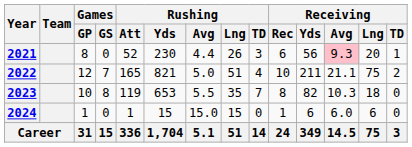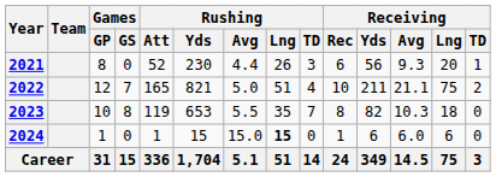 <table class="wikitable" style="text-align:center;">
 <tr>
 <th rowspan="2">Year</th>
 <th rowspan="2">Team</th>
 <th colspan="2">Games</th>
 <th colspan="5">Rushing</th>
 <th colspan="5">Receiving</th>
 </tr>
 <tr>
 <th>GP</th>
 <th>GS</th>
 <th>Att</th>
 <th>Yds</th>
 <th>Avg</th>
 <th>Lng</th>
 <th>TD</th>
 <th>Rec</th>
 <th>Yds</th>
 <th>Avg</th>
 <th>Lng</th>
 <th>TD</th>
 </tr>
 <tr>
 <th><a href='#'>2021</a></th>
 <th><a href='#'></a></th>
 <td>8</td>
 <td>0</td>
 <td>52</td>
 <td>230</td>
 <td>4.4</td>
 <td>26</td>
 <td>3</td>
 <td>6</td>
 <td>56</td>
-<td style="background: pink;">9.3</td>
+<td>9.3</td>
 <td>20</td>
 <td>1</td>
 </tr>
 <tr>
 <th><a href='#'>2022</a></th>
 <th><a href='#'></a></th>
 <td>12</td>
 <td>7</td>
 <td>165</td>
 <td>821</td>
 <td>5.0</td>
 <td>51</td>
 <td>4</td>
 <td>10</td>
 <td>211</td>
 <td>21.1</td>
 <td>75</td>
 <td>2</td>
 </tr>
 <tr>
 <th><a href='#'>2023</a></th>
 <th><a href='#'></a></th>
 <td>10</td>
 <td>8</td>
 <td>119</td>
 <td>653</td>
 <td>5.5</td>
 <td>35</td>
 <td>7</td>
 <td>8</td>
 <td>82</td>
 <td>10.3</td>
 <td>18</td>
 <td>0</td>
 </tr>
 <tr>
 <th><a href='#'>2024</a></th>
 <th><a href='#'></a></th>
 <td>1</td>
 <td>0</td>
 <td>1</td>
 <td>15</td>
 <td>15.0</td>
-<td>15</td>
+<td><strong>15</strong></td>
 <td>0</td>
 <td>1</td>
 <td>6</td>
 <td>6.0</td>
 <td>6</td>
 <td>0</td>
 </tr>
 <tr>
 <th align=center colspan="2">Career</th>
 <th>31</th>
 <th>15</th>
 <th>336</th>
 <th>1,704</th>
 <th>5.1</th>
 <th>51</th>
 <th>14</th>
 <th>24</th>
 <th>349</th>
 <th>14.5</th>
 <th>75</th>
 <th>3</th>
 </tr>
 </table>
